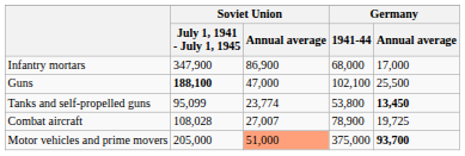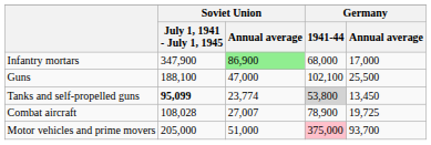 <table class="wikitable">
 <tr>
 </tr>
 <tr>
 <th rowspan="2"></th>
 <th colspan="2">Soviet Union</th>
 <th colspan="4">Germany</th>
 </tr>
 <tr>
 <th>July 1, 1941 <br>- July 1, 1945</th>
 <th>Annual average</th>
 <th>1941-44</th>
 <th>Annual average</th>
 </tr>
 <tr>
 <td>Infantry mortars</td>
 <td>347,900</td>
-<td>86,900</td>
+<td style="background: lightgreen;">86,900</td>
 <td>68,000</td>
 <td>17,000</td>
 </tr>
 <tr>
 <td>Guns</td>
-<td><strong>188,100</strong></td>
+<td>188,100</td>
 <td>47,000</td>
 <td>102,100</td>
 <td>25,500</td>
 </tr>
 <tr>
 <td>Tanks and self-propelled guns</td>
-<td>95,099</td>
+<td><strong>95,099</strong></td>
 <td>23,774</td>
-<td>53,800</td>
-<td><strong>13,450</strong></td>
+<td style="background: lightgrey;">53,800</td>
+<td>13,450</td>
 </tr>
 <tr>
 <td>Combat aircraft</td>
 <td>108,028</td>
 <td>27,007</td>
 <td>78,900</td>
 <td>19,725</td>
 </tr>
 <tr>
 <td>Motor vehicles and prime movers</td>
 <td>205,000</td>
-<td style="background: lightsalmon;">51,000</td>
-<td>375,000</td>
-<td><strong>93,700</strong></td>
+<td>51,000</td>
+<td style="background: pink;">375,000</td>
+<td>93,700</td>
 </tr>
 </table>
